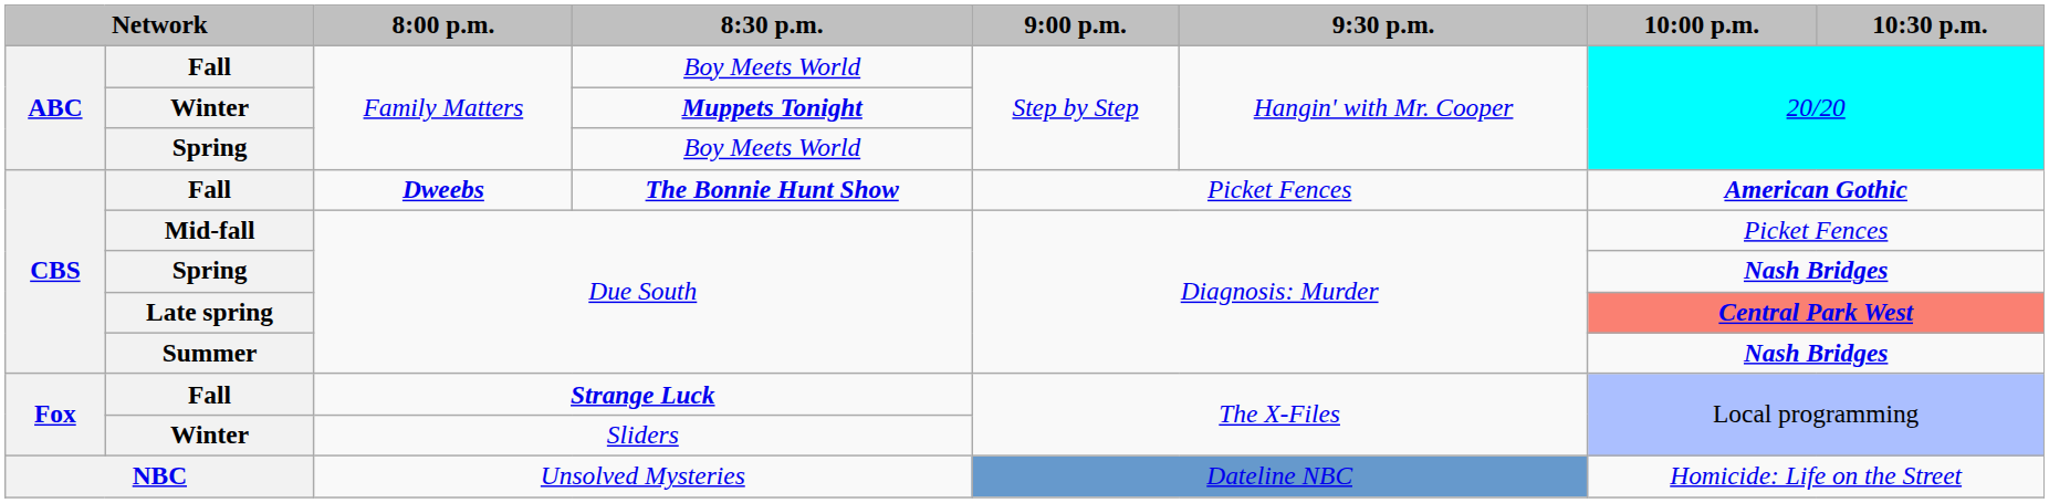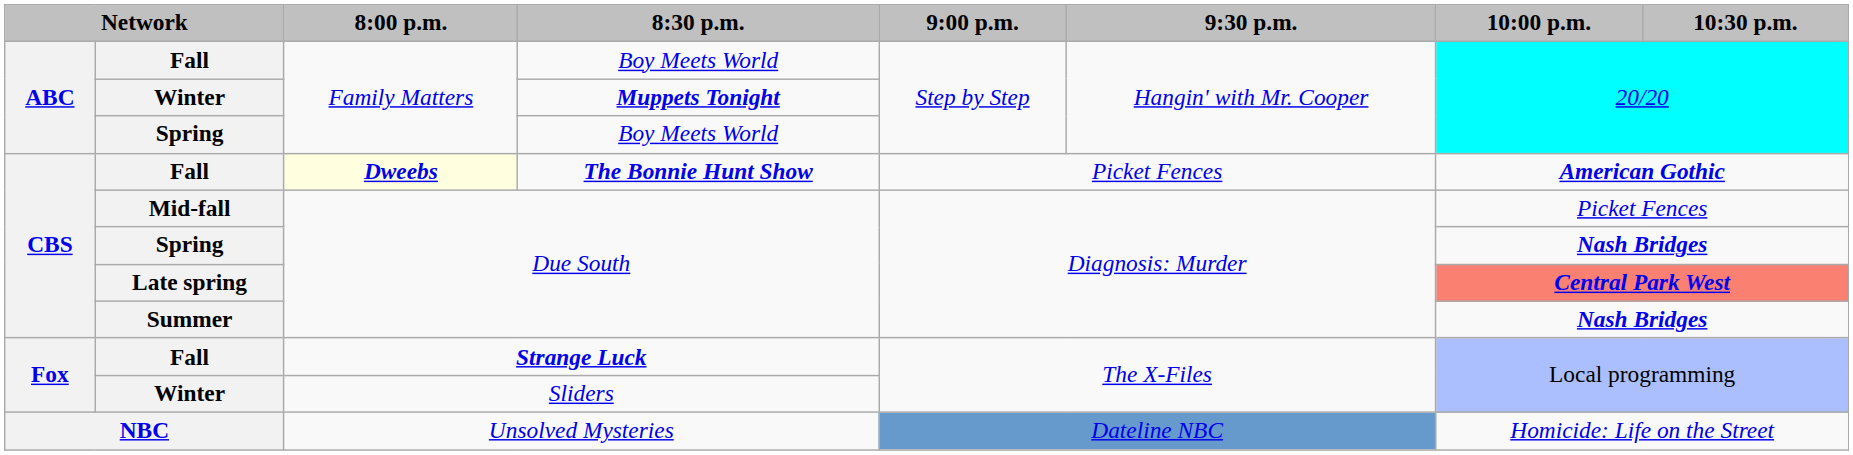 <table class="wikitable" style="width:100%;margin-right:0;text-align:center">
 <tr>
 <th colspan="2" style="background-color:#C0C0C0;text-align:center">Network</th>
 <th style="background-color:#C0C0C0;text-align:center">8:00 p.m.</th>
 <th style="background-color:#C0C0C0;text-align:center">8:30 p.m.</th>
 <th style="background-color:#C0C0C0;text-align:center">9:00 p.m.</th>
 <th style="background-color:#C0C0C0;text-align:center">9:30 p.m.</th>
 <th style="background-color:#C0C0C0;text-align:center">10:00 p.m.</th>
 <th style="background-color:#C0C0C0;text-align:center">10:30 p.m.</th>
 </tr>
 <tr>
 <th rowspan="3"><a href='#'>ABC</a></th>
 <th>Fall</th>
 <td rowspan="3"><em><a href='#'>Family Matters</a></em></td>
 <td><em><a href='#'>Boy Meets World</a></em></td>
 <td rowspan="3"><em><a href='#'>Step by Step</a></em></td>
 <td rowspan="3"><em><a href='#'>Hangin' with Mr. Cooper</a></em></td>
 <td rowspan="3" colspan="2" style="background:cyan;"><em><a href='#'>20/20</a></em> </td>
 </tr>
 <tr>
 <th>Winter</th>
 <td><strong><em><a href='#'>Muppets Tonight</a></em></strong></td>
 </tr>
 <tr>
 <th>Spring</th>
 <td><em><a href='#'>Boy Meets World</a></em></td>
 </tr>
 <tr>
 <th rowspan="5"><a href='#'>CBS</a></th>
 <th>Fall</th>
-<td><strong><em><a href='#'>Dweebs</a></em></strong></td>
+<td style="background: lightyellow;"><strong><em><a href='#'>Dweebs</a></em></strong></td>
 <td><strong><em><a href='#'>The Bonnie Hunt Show</a></em></strong></td>
 <td colspan="2"><em><a href='#'>Picket Fences</a></em></td>
 <td colspan="2"><strong><em><a href='#'>American Gothic</a></em></strong></td>
 </tr>
 <tr>
 <th>Mid-fall</th>
 <td rowspan="4" colspan="2"><em><a href='#'>Due South</a></em></td>
 <td rowspan="4" colspan="2"><em><a href='#'>Diagnosis: Murder</a></em></td>
 <td colspan="2"><em><a href='#'>Picket Fences</a></em></td>
 </tr>
 <tr>
 <th>Spring</th>
 <td colspan="2"><strong><em><a href='#'>Nash Bridges</a></em></strong></td>
 </tr>
 <tr>
 <th>Late spring</th>
 <td colspan="2" style="background:#FA8072;"><strong><em><a href='#'>Central Park West</a></em></strong></td>
 </tr>
 <tr>
 <th>Summer</th>
 <td colspan="2"><strong><em><a href='#'>Nash Bridges</a></em></strong></td>
 </tr>
 <tr>
 <th rowspan="2"><a href='#'>Fox</a></th>
 <th>Fall</th>
 <td colspan="2"><strong><em><a href='#'>Strange Luck</a></em></strong></td>
 <td rowspan="2" colspan="2"><em><a href='#'>The X-Files</a></em></td>
 <td rowspan="2" colspan="2" style="background:#abbfff;">Local programming</td>
 </tr>
 <tr>
 <th>Winter</th>
 <td colspan="2"><em><a href='#'>Sliders</a></em></td>
 </tr>
 <tr>
 <th colspan="2"><a href='#'>NBC</a></th>
 <td colspan="2"><em><a href='#'>Unsolved Mysteries</a></em></td>
 <td colspan="2" style="background:#6699CC;"><em><a href='#'>Dateline NBC</a></em></td>
 <td colspan="2"><em><a href='#'>Homicide: Life on the Street</a></em></td>
 </tr>
 </table>
